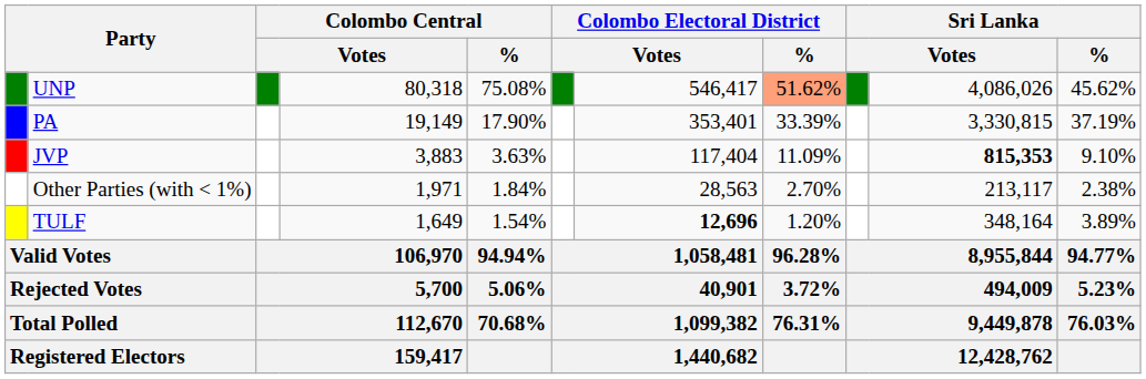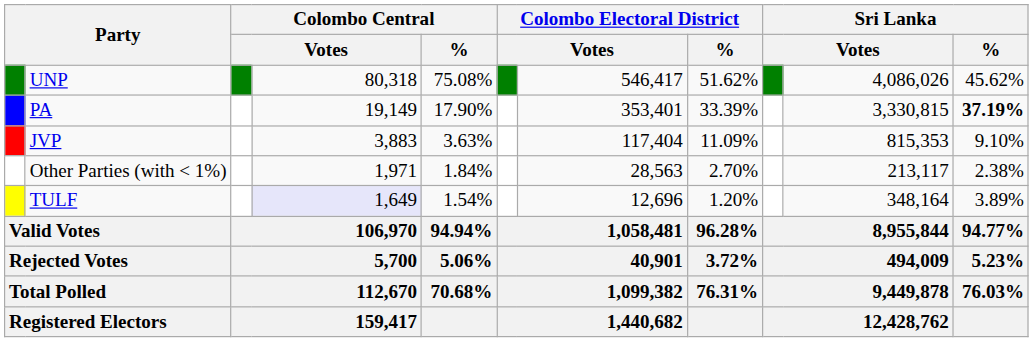 <table class="wikitable">
 <tr>
 <th colspan="2" width="144px"rowspan="2">Party</th>
 <th colspan="3" width="216px">Colombo Central</th>
 <th colspan="3" width="216px"><a href='#'>Colombo Electoral District</a></th>
 <th colspan="3" width="216px">Sri Lanka</th>
 </tr>
 <tr>
 <th colspan="2" width="144px">Votes</th>
 <th>%</th>
 <th colspan="2" width="144px">Votes</th>
 <th>%</th>
 <th colspan="2" width="144px">Votes</th>
 <th>%</th>
 </tr>
 <tr>
 <td style="background-color:green;" width="10px"></td>
 <td style="text-align:left;"><a href='#'>UNP</a></td>
 <td style="background-color:green;" width="10px"></td>
 <td style="text-align:right;">80,318</td>
 <td style="text-align:right;">75.08%</td>
 <td style="background-color:green;" width="10px"></td>
 <td style="text-align:right;">546,417</td>
-<td style="background: lightsalmon; text-align:right;">51.62%</td>
+<td style="text-align:right;">51.62%</td>
 <td style="background-color:green;" width="10px"></td>
 <td style="text-align:right;">4,086,026</td>
 <td style="text-align:right;">45.62%</td>
 </tr>
 <tr>
 <td style="background-color:blue;" width="10px"></td>
 <td style="text-align:left;"><a href='#'>PA</a></td>
 <td style="background-color:white;" width="10px"></td>
 <td style="text-align:right;">19,149</td>
 <td style="text-align:right;">17.90%</td>
 <td style="background-color:white;" width="10px"></td>
 <td style="text-align:right;">353,401</td>
 <td style="text-align:right;">33.39%</td>
 <td style="background-color:white;" width="10px"></td>
 <td style="text-align:right;">3,330,815</td>
-<td style="text-align:right;">37.19%</td>
+<td style="text-align:right;"><strong>37.19%</strong></td>
 </tr>
 <tr>
 <td style="background-color:red;" width="10px"></td>
 <td style="text-align:left;"><a href='#'>JVP</a></td>
 <td style="background-color:white;" width="10px"></td>
 <td style="text-align:right;">3,883</td>
 <td style="text-align:right;">3.63%</td>
 <td style="background-color:white;" width="10px"></td>
 <td style="text-align:right;">117,404</td>
 <td style="text-align:right;">11.09%</td>
 <td style="background-color:white;" width="10px"></td>
-<td style="text-align:right;"><strong>815,353</strong></td>
+<td style="text-align:right;">815,353</td>
 <td style="text-align:right;">9.10%</td>
 </tr>
 <tr>
 <td style="background-color:white;" width="10px"></td>
 <td style="text-align:left;">Other Parties (with < 1%)</td>
 <td style="background-color:white;" width="10px"></td>
 <td style="text-align:right;">1,971</td>
 <td style="text-align:right;">1.84%</td>
 <td style="background-color:white;" width="10px"></td>
 <td style="text-align:right;">28,563</td>
 <td style="text-align:right;">2.70%</td>
 <td style="background-color:white;" width="10px"></td>
 <td style="text-align:right;">213,117</td>
 <td style="text-align:right;">2.38%</td>
 </tr>
 <tr>
 <td style="background-color:yellow;" width="10px"></td>
 <td style="text-align:left;"><a href='#'>TULF</a></td>
 <td style="background-color:white;" width="10px"></td>
-<td style="text-align:right;">1,649</td>
+<td style="background: lavender; text-align:right;">1,649</td>
 <td style="text-align:right;">1.54%</td>
 <td style="background-color:white;" width="10px"></td>
-<td style="text-align:right;"><strong>12,696</strong></td>
+<td style="text-align:right;">12,696</td>
 <td style="text-align:right;">1.20%</td>
 <td style="background-color:white;" width="10px"></td>
 <td style="text-align:right;">348,164</td>
 <td style="text-align:right;">3.89%</td>
 </tr>
 <tr>
 <th colspan="2" width="144px"style="text-align:left;">Valid Votes</th>
 <th style="text-align:right;"colspan="2" width="144px">106,970</th>
 <th style="text-align:right;">94.94%</th>
 <th style="text-align:right;"colspan="2" width="144px">1,058,481</th>
 <th style="text-align:right;">96.28%</th>
 <th style="text-align:right;"colspan="2" width="144px">8,955,844</th>
 <th style="text-align:right;">94.77%</th>
 </tr>
 <tr>
 <th colspan="2" width="144px"style="text-align:left;">Rejected Votes</th>
 <th style="text-align:right;"colspan="2" width="144px">5,700</th>
 <th style="text-align:right;">5.06%</th>
 <th style="text-align:right;"colspan="2" width="144px">40,901</th>
 <th style="text-align:right;">3.72%</th>
 <th style="text-align:right;"colspan="2" width="144px">494,009</th>
 <th style="text-align:right;">5.23%</th>
 </tr>
 <tr>
 <th colspan="2" width="144px"style="text-align:left;">Total Polled</th>
 <th style="text-align:right;"colspan="2" width="144px">112,670</th>
 <th style="text-align:right;">70.68%</th>
 <th style="text-align:right;"colspan="2" width="144px">1,099,382</th>
 <th style="text-align:right;">76.31%</th>
 <th style="text-align:right;"colspan="2" width="144px">9,449,878</th>
 <th style="text-align:right;">76.03%</th>
 </tr>
 <tr>
 <th colspan="2" width="144px"style="text-align:left;">Registered Electors</th>
 <th style="text-align:right;"colspan="2" width="144px">159,417</th>
 <th></th>
 <th style="text-align:right;"colspan="2" width="144px">1,440,682</th>
 <th></th>
 <th style="text-align:right;"colspan="2" width="144px">12,428,762</th>
 <th></th>
 </tr>
 </table>
